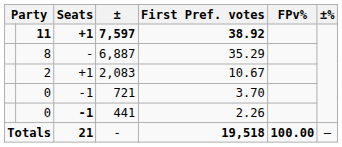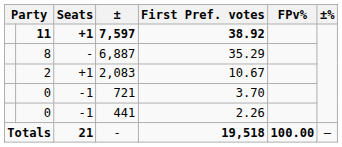 <table class=wikitable>
 <tr>
 <th colspan=2 align=center>Party</th>
 <th valign=top>Seats</th>
 <th valign=top>±</th>
 <th valign=top>First Pref. votes</th>
 <th valign=top>FPv%</th>
 <th valign=top>±%</th>
 </tr>
 <tr>
 <td></td>
 <td align=right><strong>11</strong></td>
 <td align=right><strong>+1</strong></td>
 <td align=right><strong>7,597</strong></td>
 <td align=right><strong>38.92</strong></td>
 <td align=right></td>
 </tr>
 <tr>
 <td></td>
 <td align=right>8</td>
 <td align=right>-</td>
 <td align=right>6,887</td>
 <td align=right>35.29</td>
 <td align=right></td>
 </tr>
 <tr>
 <td></td>
 <td align=right>2</td>
 <td align=right>+1</td>
 <td align=right>2,083</td>
 <td align=right>10.67</td>
 <td align=right></td>
 </tr>
 <tr>
 <td></td>
 <td align=right>0</td>
 <td align=right>-1</td>
 <td align=right>721</td>
 <td align=right>3.70</td>
 <td align=right></td>
 </tr>
 <tr>
 <td></td>
 <td align=right>0</td>
-<td align=right><strong>-1</strong></td>
+<td align=right>-1</td>
 <td align=right>441</td>
 <td align=right>2.26</td>
 <td align=right></td>
 </tr>
 <tr>
 <td colspan=2 align=center><strong>Totals</strong></td>
 <td align=right><strong>21</strong></td>
 <td align=center>-</td>
 <td align=right><strong>19,518</strong></td>
 <td align=center><strong>100.00</strong></td>
 <td align=center>—</td>
 </tr>
 </table>
